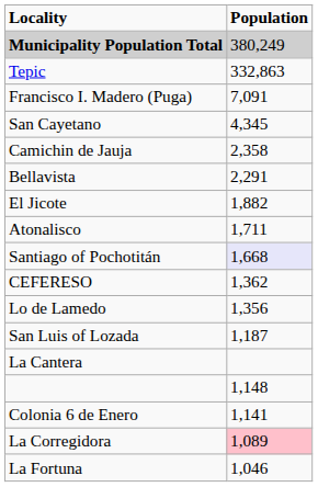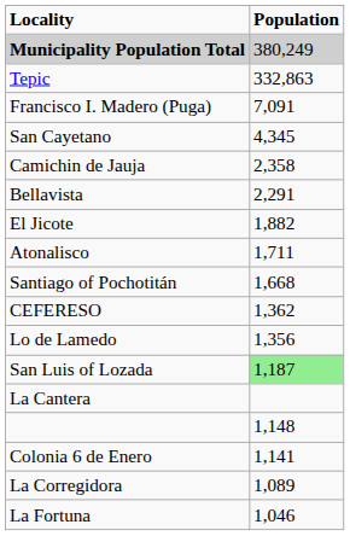 <table class="wikitable">
 <tr>
 <td><strong>Locality</strong></td>
 <td><strong>Population</strong></td>
 </tr>
 <tr style="background:#CFCFCF;">
 <td><strong>Municipality Population Total</strong></td>
 <td>380,249</td>
 </tr>
 <tr>
 <td><a href='#'>Tepic</a></td>
 <td>332,863</td>
 </tr>
 <tr>
 <td>Francisco I. Madero (Puga)</td>
 <td>7,091</td>
 </tr>
 <tr>
 <td>San Cayetano</td>
 <td>4,345</td>
 </tr>
 <tr>
 <td>Camichin de Jauja</td>
 <td>2,358</td>
 </tr>
 <tr>
 <td>Bellavista</td>
 <td>2,291</td>
 </tr>
 <tr>
 <td>El Jicote</td>
 <td>1,882</td>
 </tr>
 <tr>
 <td>Atonalisco</td>
 <td>1,711</td>
 </tr>
 <tr>
 <td>Santiago of Pochotitán</td>
-<td style="background: lavender;">1,668</td>
+<td>1,668</td>
 </tr>
 <tr>
 <td>CEFERESO</td>
 <td>1,362</td>
 </tr>
 <tr>
 <td>Lo de Lamedo</td>
 <td>1,356</td>
 </tr>
 <tr>
 <td>San Luis of Lozada</td>
-<td>1,187</td>
+<td style="background: lightgreen;">1,187</td>
 </tr>
 <tr>
 <td>La Cantera</td>
 <td></td>
 </tr>
 <tr>
 <td></td>
 <td>1,148</td>
 </tr>
 <tr>
 <td>Colonia 6 de Enero</td>
 <td>1,141</td>
 </tr>
 <tr>
 <td>La Corregidora</td>
-<td style="background: pink;">1,089</td>
+<td>1,089</td>
 </tr>
 <tr>
 <td>La Fortuna</td>
 <td>1,046</td>
 </tr>
 </table>
